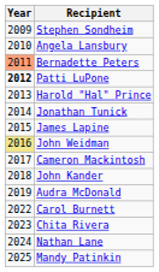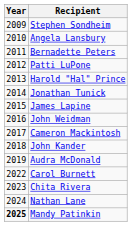 <table class="wikitable">
 <tr>
 <th>Year</th>
 <th>Recipient</th>
 </tr>
 <tr>
 <td>2009</td>
 <td><a href='#'>Stephen Sondheim</a></td>
 </tr>
 <tr>
 <td>2010</td>
 <td><a href='#'>Angela Lansbury</a></td>
 </tr>
 <tr>
-<td style="background: lightsalmon;">2011</td>
+<td>2011</td>
 <td><a href='#'>Bernadette Peters</a></td>
 </tr>
 <tr>
-<td><strong>2012</strong></td>
+<td>2012</td>
 <td><a href='#'>Patti LuPone</a></td>
 </tr>
 <tr>
 <td>2013</td>
 <td><a href='#'>Harold "Hal" Prince</a></td>
 </tr>
 <tr>
 <td>2014</td>
 <td><a href='#'>Jonathan Tunick</a></td>
 </tr>
 <tr>
 <td>2015</td>
 <td><a href='#'>James Lapine</a></td>
 </tr>
 <tr>
-<td style="background: khaki;">2016</td>
+<td>2016</td>
 <td><a href='#'>John Weidman</a></td>
 </tr>
 <tr>
 <td>2017</td>
 <td><a href='#'>Cameron Mackintosh</a></td>
 </tr>
 <tr>
 <td>2018</td>
 <td><a href='#'>John Kander</a></td>
 </tr>
 <tr>
 <td>2019</td>
 <td><a href='#'>Audra McDonald</a></td>
 </tr>
 <tr>
 <td>2022</td>
 <td><a href='#'>Carol Burnett</a></td>
 </tr>
 <tr>
 <td>2023</td>
 <td><a href='#'>Chita Rivera</a></td>
 </tr>
 <tr>
 <td>2024</td>
 <td><a href='#'>Nathan Lane</a></td>
 </tr>
 <tr>
-<td>2025</td>
+<td><strong>2025</strong></td>
 <td><a href='#'>Mandy Patinkin</a></td>
 </tr>
 </table>
